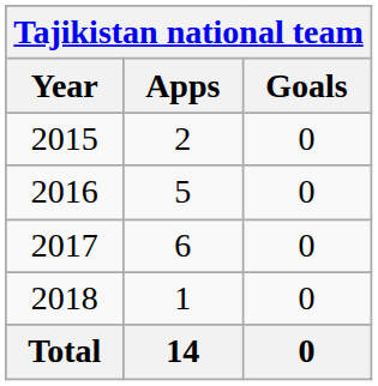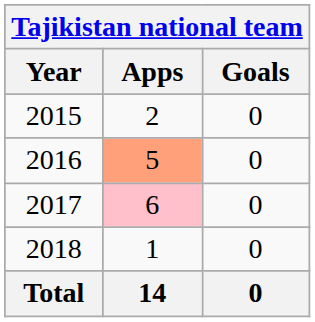 <table class="wikitable" style="text-align:center">
 <tr>
 <th colspan=3><a href='#'>Tajikistan national team</a></th>
 </tr>
 <tr>
 <th>Year</th>
 <th>Apps</th>
 <th>Goals</th>
 </tr>
 <tr>
 <td>2015</td>
 <td>2</td>
 <td>0</td>
 </tr>
 <tr>
 <td>2016</td>
-<td>5</td>
+<td style="background: lightsalmon;">5</td>
 <td>0</td>
 </tr>
 <tr>
 <td>2017</td>
-<td>6</td>
+<td style="background: pink;">6</td>
 <td>0</td>
 </tr>
 <tr>
 <td>2018</td>
 <td>1</td>
 <td>0</td>
 </tr>
 <tr>
 <th>Total</th>
 <th>14</th>
 <th>0</th>
 </tr>
 </table>
